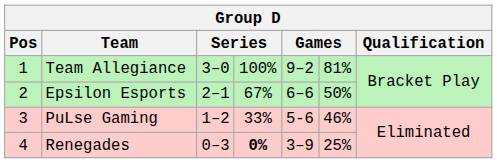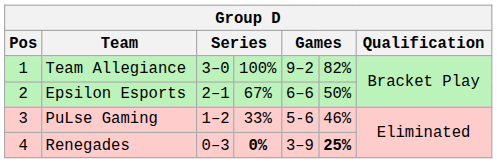 <table class="wikitable" style="display: inline-table; margin-left: 50px;width: 46%;">
 <tr>
 <th colspan="7">Group D</th>
 </tr>
 <tr>
 <th>Pos</th>
 <th>Team</th>
 <th colspan="2">Series</th>
 <th colspan="2">Games</th>
 <th>Qualification</th>
 </tr>
 <tr>
 <td style="text-align:center; background:#BBF3BB;">1</td>
 <td style="text-align:left; background:#BBF3BB;">Team Allegiance</td>
 <td style="text-align:center; background:#BBF3BB;">3–0</td>
 <td style="text-align:center; background:#BBF3BB;">100%</td>
 <td style="text-align:center; background:#BBF3BB;">9–2</td>
-<td style="text-align:center; background:#BBF3BB;">81%</td>
+<td style="text-align:center; background:#BBF3BB;">82%</td>
 <td style="text-align:center; background:#BBF3BB;" rowspan="2">Bracket Play</td>
 </tr>
 <tr>
 <td style="text-align:center; background:#BBF3BB;">2</td>
 <td style="text-align:left; background:#BBF3BB;">Epsilon Esports</td>
 <td style="text-align:center; background:#BBF3BB;">2–1</td>
 <td style="text-align:center; background:#BBF3BB;">67%</td>
 <td style="text-align:center; background:#BBF3BB;">6–6</td>
 <td style="text-align:center; background:#BBF3BB;">50%</td>
 </tr>
 <tr>
 <td style="text-align:center; background:#FFCCCC;">3</td>
 <td style="text-align:left; background:#FFCCCC;">PuLse Gaming</td>
 <td style="text-align:center; background:#FFCCCC;">1–2</td>
 <td style="text-align:center; background:#FFCCCC;">33%</td>
 <td style="text-align:center; background:#FFCCCC;">5-6</td>
 <td style="text-align:center; background:#FFCCCC;">46%</td>
 <td style="text-align:center; background:#FFCCCC;" rowspan="2">Eliminated</td>
 </tr>
 <tr>
 <td style="text-align:center; background:#FFCCCC;">4</td>
 <td style="text-align:left; background:#FFCCCC;">Renegades</td>
 <td style="text-align:center; background:#FFCCCC;">0–3</td>
 <td style="text-align:center; background:#FFCCCC;"><strong>0%</strong></td>
 <td style="text-align:center; background:#FFCCCC;">3–9</td>
-<td style="text-align:center; background:#FFCCCC;">25%</td>
+<td style="text-align:center; background:#FFCCCC;"><strong>25%</strong></td>
 </tr>
 </table>
